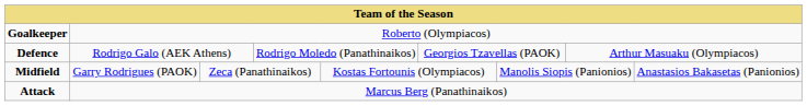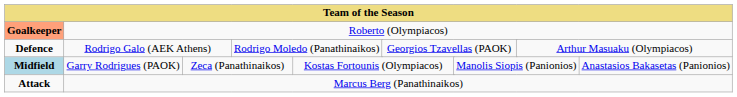 <table class="wikitable" style="text-align:center">
 <tr>
 <th colspan="21" style="background-color: #eedd82">Team of the Season</th>
 </tr>
 <tr>
-<td><strong>Goalkeeper</strong></td>
+<td style="background: lightsalmon;"><strong>Goalkeeper</strong></td>
 <td colspan="20"> <a href='#'>Roberto</a> (Olympiacos)</td>
 </tr>
 <tr>
 <td><strong>Defence</strong></td>
 <td colspan="5"> <a href='#'>Rodrigo Galo</a> (AEK Athens)</td>
 <td colspan="5"> <a href='#'>Rodrigo Moledo</a> (Panathinaikos)</td>
 <td colspan="5"> <a href='#'>Georgios Tzavellas</a> (PAOK)</td>
 <td colspan="5"> <a href='#'>Arthur Masuaku</a> (Olympiacos)</td>
 </tr>
 <tr>
-<td><strong>Midfield</strong></td>
+<td style="background: lightblue;"><strong>Midfield</strong></td>
 <td colspan="4"> <a href='#'>Garry Rodrigues</a> (PAOK)</td>
 <td colspan="4"> <a href='#'>Zeca</a> (Panathinaikos)</td>
 <td colspan="4"> <a href='#'>Kostas Fortounis</a> (Olympiacos)</td>
 <td colspan="4"> <a href='#'>Manolis Siopis</a> (Panionios)</td>
 <td colspan="4"> <a href='#'>Anastasios Bakasetas</a> (Panionios)</td>
 </tr>
 <tr>
 <td><strong>Attack</strong></td>
 <td colspan="20"> <a href='#'>Marcus Berg</a> (Panathinaikos)</td>
 </tr>
 </table>
